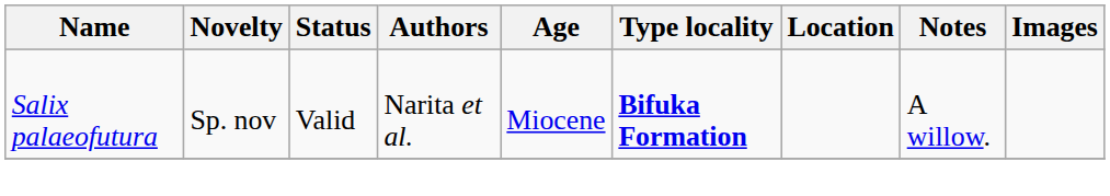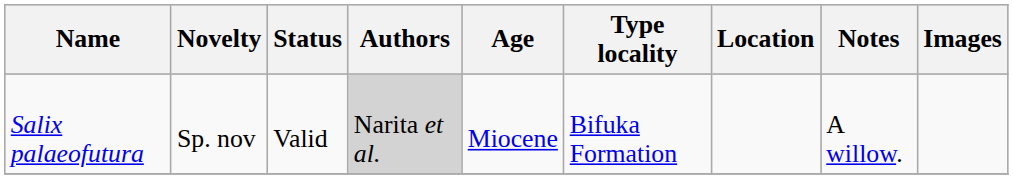 <table class="wikitable sortable" align="center" width="100%">
 <tr>
 <th>Name</th>
 <th>Novelty</th>
 <th>Status</th>
 <th>Authors</th>
 <th>Age</th>
 <th>Type locality</th>
 <th>Location</th>
 <th>Notes</th>
 <th>Images</th>
 </tr>
 <tr>
 <td><br><em><a href='#'>Salix palaeofutura</a></em></td>
 <td><br>Sp. nov</td>
 <td><br>Valid</td>
-<td><br>Narita <em>et al.</em></td>
+<td style="background: lightgrey;"><br>Narita <em>et al.</em></td>
 <td><br><a href='#'>Miocene</a></td>
-<td><strong><br><a href='#'>Bifuka Formation</a></strong></td>
+<td><br><a href='#'>Bifuka Formation</a></td>
 <td><br></td>
 <td><br>A <a href='#'>willow</a>.</td>
 <td></td>
 </tr>
 <tr>
 </tr>
 </table>
